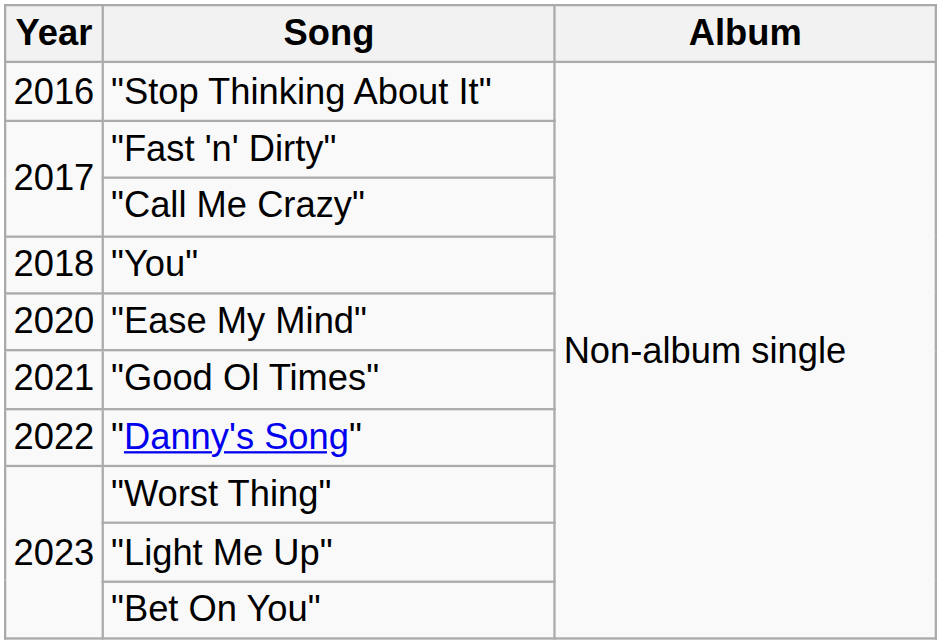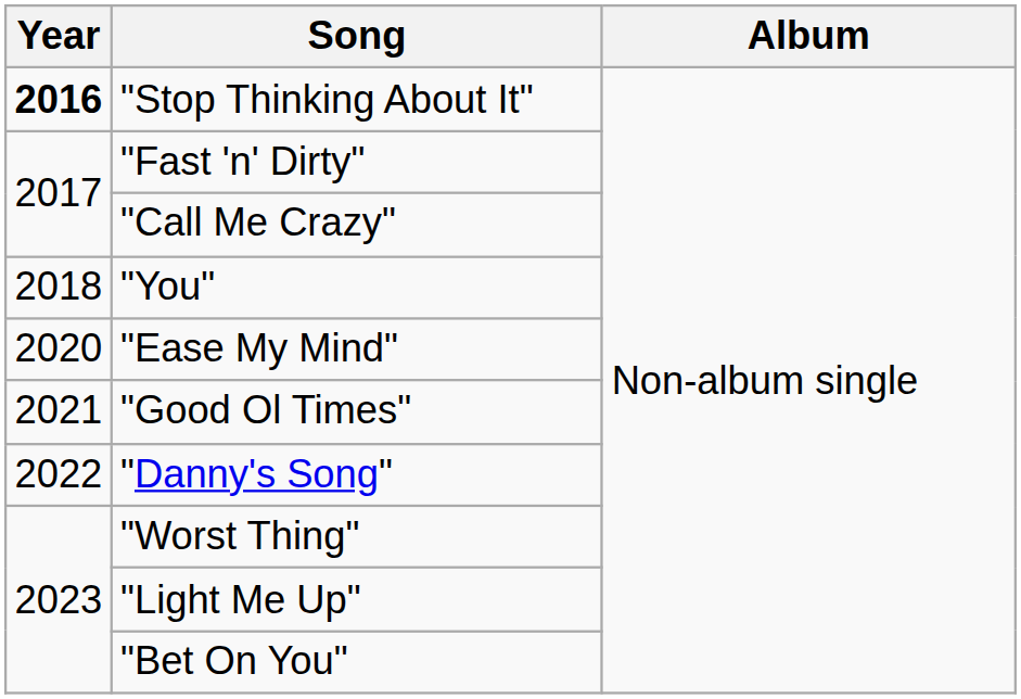 <table class="wikitable">
 <tr>
 <th>Year</th>
 <th style="width:12em;">Song</th>
 <th style="width:10em;">Album</th>
 </tr>
 <tr>
-<td>2016</td>
+<td><strong>2016</strong></td>
 <td>"Stop Thinking About It"</td>
 <td rowspan="10">Non-album single</td>
 </tr>
 <tr>
 <td rowspan="2">2017</td>
 <td>"Fast 'n' Dirty"</td>
 </tr>
 <tr>
 <td>"Call Me Crazy"<br></td>
 </tr>
 <tr>
 <td>2018</td>
 <td>"You"</td>
 </tr>
 <tr>
 <td>2020</td>
 <td>"Ease My Mind"</td>
 </tr>
 <tr>
 <td>2021</td>
 <td>"Good Ol Times"</td>
 </tr>
 <tr>
 <td>2022</td>
 <td>"<a href='#'>Danny's Song</a>"</td>
 </tr>
 <tr>
 <td rowspan="3">2023</td>
 <td>"Worst Thing"</td>
 </tr>
 <tr>
 <td>"Light Me Up"</td>
 </tr>
 <tr>
 <td>"Bet On You"</td>
 </tr>
 </table>
